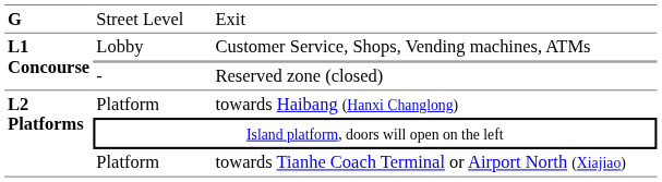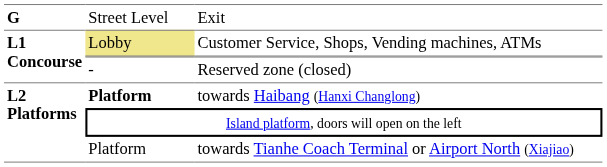 <table table border=0 cellspacing=0 cellpadding=3>
 <tr>
 <td style="border-top:solid 1px gray;" width=50 valign=top><strong>G</strong></td>
 <td style="border-top:solid 1px gray;" width=100 valign=top>Street Level</td>
 <td style="border-top:solid 1px gray;" width=390 valign=top>Exit</td>
 </tr>
 <tr>
 <td style="border-bottom:solid 1px gray; border-top:solid 1px gray;" valign=top width=50 rowspan=2><strong>L1<br>Concourse</strong></td>
-<td style="border-bottom:solid 1px gray; border-top:solid 1px gray;" valign=top width=100>Lobby</td>
+<td style="background: khaki; border-bottom:solid 1px gray; border-top:solid 1px gray;" valign=top width=100>Lobby</td>
 <td style="border-bottom:solid 1px gray; border-top:solid 1px gray;" valign=top width=390>Customer Service, Shops, Vending machines, ATMs</td>
 </tr>
 <tr>
 <td style="border-bottom:solid 1px gray; border-top:solid 1px gray;" valign=top width=100>-</td>
 <td style="border-bottom:solid 1px gray; border-top:solid 1px gray;" valign=top width=390>Reserved zone (closed)</td>
 </tr>
 <tr>
 <td style="border-bottom:solid 1px gray;" rowspan=3 valign=top><strong>L2<br>Platforms</strong></td>
-<td>Platform </td>
+<td><strong>Platform </strong></td>
 <td>  towards <a href='#'>Haibang</a> <small>(<a href='#'>Hanxi Changlong</a>)</small></td>
 </tr>
 <tr>
 <td style="border-right:solid 2px black;border-left:solid 2px black;border-top:solid 2px black;border-bottom:solid 2px black;text-align:center;" colspan=2><small><a href='#'>Island platform</a>, doors will open on the left</small></td>
 </tr>
 <tr>
 <td style="border-bottom:solid 1px gray;">Platform </td>
 <td style="border-bottom:solid 1px gray;"> towards <a href='#'>Tianhe Coach Terminal</a> or <a href='#'>Airport North</a> <small>(<a href='#'>Xiajiao</a>)</small> </td>
 </tr>
 </table>
